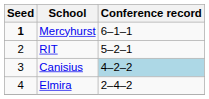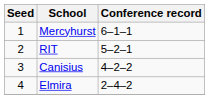 <table class="wikitable">
 <tr>
 <th>Seed</th>
 <th>School</th>
 <th>Conference record</th>
 </tr>
 <tr>
-<td align=center><strong>1</strong></td>
+<td align=center>1</td>
 <td><a href='#'>Mercyhurst</a></td>
 <td>6–1–1</td>
 </tr>
 <tr>
 <td align=center>2</td>
 <td><a href='#'>RIT</a></td>
 <td>5–2–1</td>
 </tr>
 <tr>
 <td align=center>3</td>
 <td><a href='#'>Canisius</a></td>
-<td style="background: lightblue;">4–2–2</td>
+<td>4–2–2</td>
 </tr>
 <tr>
 <td align=center>4</td>
 <td><a href='#'>Elmira</a></td>
 <td>2–4–2</td>
 </tr>
 <tr>
 </tr>
 </table>
